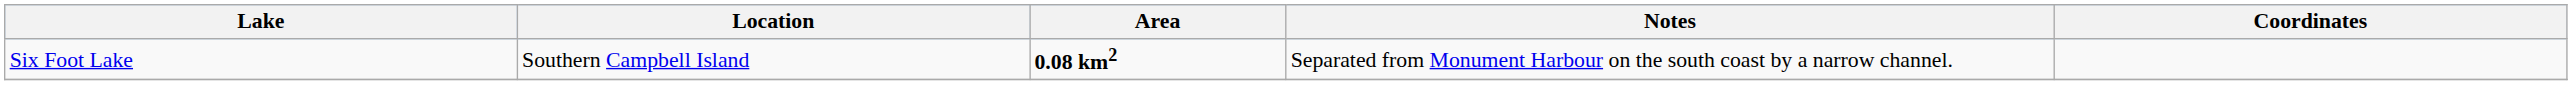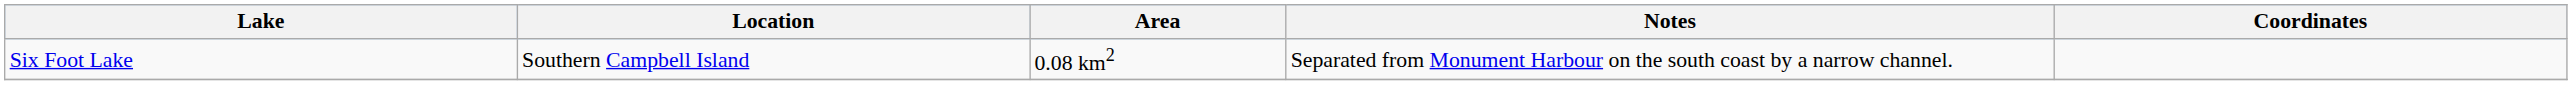 <table class="wikitable sortable" width=95%>
 <tr bgcolor=#99CCFF>
 <th width=20%>Lake</th>
 <th width=20%>Location</th>
 <th width=10%;data-sort-type=number>Area</th>
 <th width=30%>Notes</th>
 <th width=20%>Coordinates</th>
 </tr>
 <tr>
 <td><a href='#'>Six Foot Lake</a></td>
 <td>Southern <a href='#'>Campbell Island</a></td>
-<td><strong>0.08 km<sup>2</sup></strong></td>
+<td>0.08 km<sup>2</sup></td>
 <td>Separated from <a href='#'>Monument Harbour</a> on the south coast by a narrow channel.</td>
 <td></td>
 </tr>
 <tr>
 </tr>
 </table>
